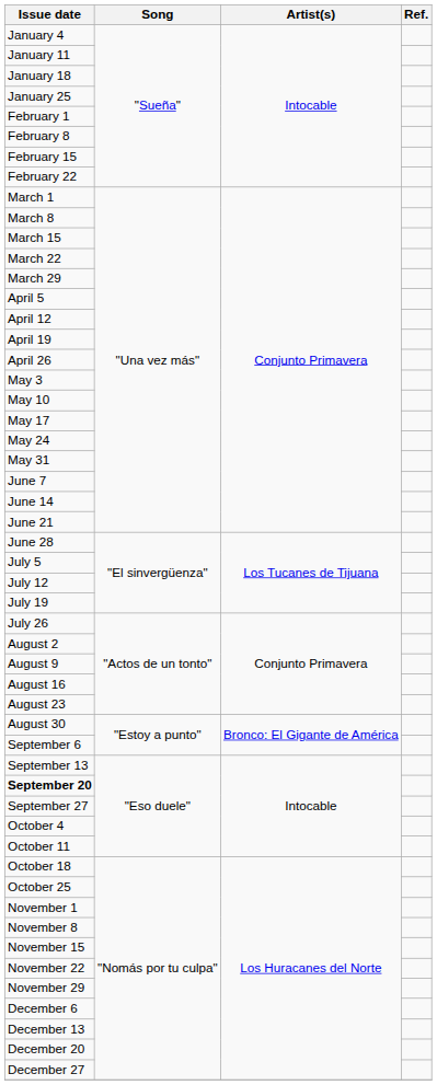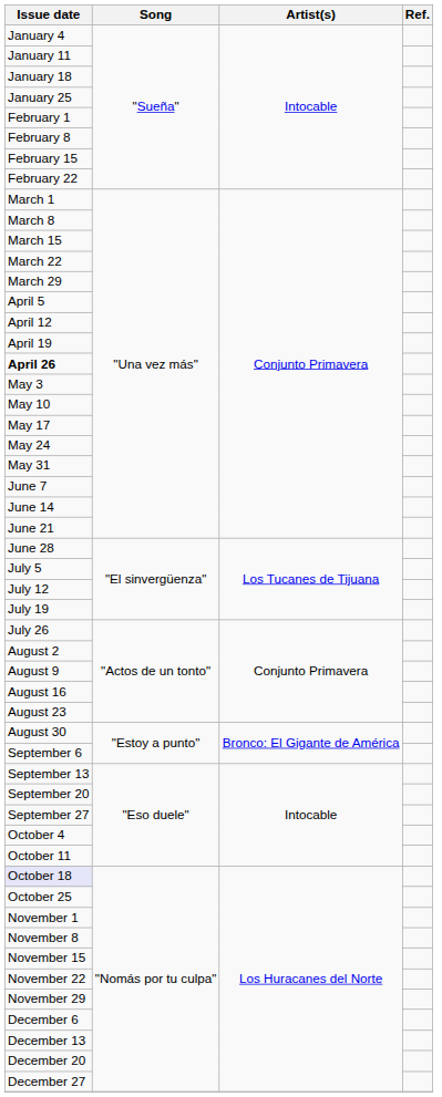 <table class="wikitable">
 <tr>
 <th>Issue date</th>
 <th>Song</th>
 <th>Artist(s)</th>
 <th>Ref.</th>
 </tr>
 <tr>
 <td>January 4</td>
 <td style="text-align: center;" rowspan="8">"<a href='#'>Sueña</a>"</td>
 <td style="text-align: center;" rowspan="8"><a href='#'>Intocable</a></td>
 <td style="text-align: center;"></td>
 </tr>
 <tr>
 <td>January 11</td>
 <td style="text-align: center;"></td>
 </tr>
 <tr>
 <td>January 18</td>
 <td style="text-align: center;"></td>
 </tr>
 <tr>
 <td>January 25</td>
 <td style="text-align: center;"></td>
 </tr>
 <tr>
 <td>February 1</td>
 <td style="text-align: center;"></td>
 </tr>
 <tr>
 <td>February 8</td>
 <td style="text-align: center;"></td>
 </tr>
 <tr>
 <td>February 15</td>
 <td style="text-align: center;"></td>
 </tr>
 <tr>
 <td>February 22</td>
 <td style="text-align: center;"></td>
 </tr>
 <tr>
 <td>March 1</td>
 <td style="text-align: center;" rowspan="17">"Una vez más"</td>
 <td style="text-align: center;" rowspan="17"><a href='#'>Conjunto Primavera</a></td>
 <td style="text-align: center;"></td>
 </tr>
 <tr>
 <td>March 8</td>
 <td style="text-align: center;"></td>
 </tr>
 <tr>
 <td>March 15</td>
 <td style="text-align: center;"></td>
 </tr>
 <tr>
 <td>March 22</td>
 <td style="text-align: center;"></td>
 </tr>
 <tr>
 <td>March 29</td>
 <td style="text-align: center;"></td>
 </tr>
 <tr>
 <td>April 5</td>
 <td style="text-align: center;"></td>
 </tr>
 <tr>
 <td>April 12</td>
 <td style="text-align: center;"></td>
 </tr>
 <tr>
 <td>April 19</td>
 <td style="text-align: center;"></td>
 </tr>
 <tr>
-<td>April 26</td>
+<td><strong>April 26</strong></td>
 <td style="text-align: center;"></td>
 </tr>
 <tr>
 <td>May 3</td>
 <td style="text-align: center;"></td>
 </tr>
 <tr>
 <td>May 10</td>
 <td style="text-align: center;"></td>
 </tr>
 <tr>
 <td>May 17</td>
 <td style="text-align: center;"></td>
 </tr>
 <tr>
 <td>May 24</td>
 <td style="text-align: center;"></td>
 </tr>
 <tr>
 <td>May 31</td>
 <td style="text-align: center;"></td>
 </tr>
 <tr>
 <td>June 7</td>
 <td style="text-align: center;"></td>
 </tr>
 <tr>
 <td>June 14</td>
 <td style="text-align: center;"></td>
 </tr>
 <tr>
 <td>June 21</td>
 <td style="text-align: center;"></td>
 </tr>
 <tr>
 <td>June 28</td>
 <td style="text-align: center;" rowspan="4">"El sinvergüenza"</td>
 <td style="text-align: center;" rowspan="4"><a href='#'>Los Tucanes de Tijuana</a></td>
 <td style="text-align: center;"></td>
 </tr>
 <tr>
 <td>July 5</td>
 <td style="text-align: center;"></td>
 </tr>
 <tr>
 <td>July 12</td>
 <td style="text-align: center;"></td>
 </tr>
 <tr>
 <td>July 19</td>
 <td style="text-align: center;"></td>
 </tr>
 <tr>
 <td>July 26</td>
 <td style="text-align: center;" rowspan="5">"Actos de un tonto"</td>
 <td style="text-align: center;" rowspan="5">Conjunto Primavera</td>
 <td style="text-align: center;"></td>
 </tr>
 <tr>
 <td>August 2</td>
 <td style="text-align: center;"></td>
 </tr>
 <tr>
 <td>August 9</td>
 <td style="text-align: center;"></td>
 </tr>
 <tr>
 <td>August 16</td>
 <td style="text-align: center;"></td>
 </tr>
 <tr>
 <td>August 23</td>
 <td style="text-align: center;"></td>
 </tr>
 <tr>
 <td>August 30</td>
 <td style="text-align: center;" rowspan="2">"Estoy a punto"</td>
 <td style="text-align: center;" rowspan="2"><a href='#'>Bronco: El Gigante de América</a></td>
 <td style="text-align: center;"></td>
 </tr>
 <tr>
 <td>September 6</td>
 <td style="text-align: center;"></td>
 </tr>
 <tr>
 <td>September 13</td>
 <td style="text-align: center;" rowspan="5">"Eso duele"</td>
 <td style="text-align: center;" rowspan="5">Intocable</td>
 <td style="text-align: center;"></td>
 </tr>
 <tr>
-<td><strong>September 20</strong></td>
+<td>September 20</td>
 <td style="text-align: center;"></td>
 </tr>
 <tr>
 <td>September 27</td>
 <td style="text-align: center;"></td>
 </tr>
 <tr>
 <td>October 4</td>
 <td style="text-align: center;"></td>
 </tr>
 <tr>
 <td>October 11</td>
 <td style="text-align: center;"></td>
 </tr>
 <tr>
-<td>October 18</td>
+<td style="background: lavender;">October 18</td>
 <td style="text-align: center;" rowspan="11">"Nomás por tu culpa"</td>
 <td style="text-align: center;" rowspan="11"><a href='#'>Los Huracanes del Norte</a></td>
 <td style="text-align: center;"></td>
 </tr>
 <tr>
 <td>October 25</td>
 <td style="text-align: center;"></td>
 </tr>
 <tr>
 <td>November 1</td>
 <td style="text-align: center;"></td>
 </tr>
 <tr>
 <td>November 8</td>
 <td style="text-align: center;"></td>
 </tr>
 <tr>
 <td>November 15</td>
 <td style="text-align: center;"></td>
 </tr>
 <tr>
 <td>November 22</td>
 <td style="text-align: center;"></td>
 </tr>
 <tr>
 <td>November 29</td>
 <td style="text-align: center;"></td>
 </tr>
 <tr>
 <td>December 6</td>
 <td style="text-align: center;"></td>
 </tr>
 <tr>
 <td>December 13</td>
 <td style="text-align: center;"></td>
 </tr>
 <tr>
 <td>December 20</td>
 <td style="text-align: center;"></td>
 </tr>
 <tr>
 <td>December 27</td>
 <td style="text-align: center;"></td>
 </tr>
 <tr>
 </tr>
 </table>
